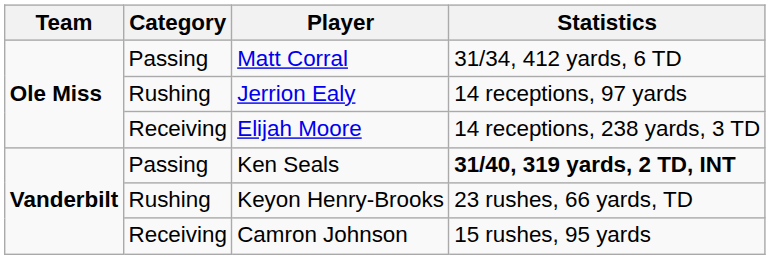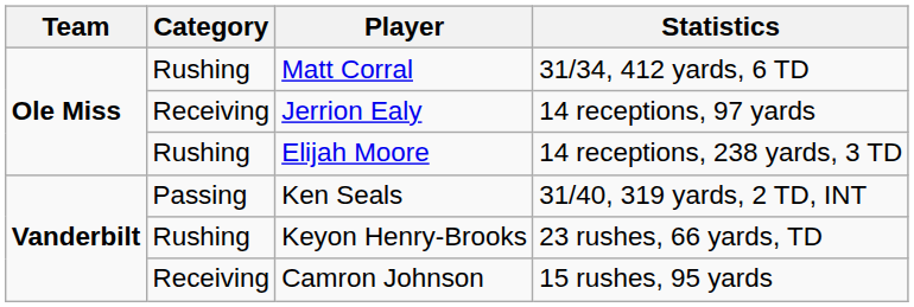 <table class="wikitable" style="float: left;">
 <tr>
 <th>Team</th>
 <th>Category</th>
 <th>Player</th>
 <th>Statistics</th>
 </tr>
 <tr>
 <td rowspan=3><strong>Ole Miss</strong></td>
-<td>Passing</td>
+<td>Rushing</td>
 <td><a href='#'>Matt Corral</a></td>
 <td>31/34, 412 yards, 6 TD</td>
 </tr>
 <tr>
-<td>Rushing</td>
+<td>Receiving</td>
 <td><a href='#'>Jerrion Ealy</a></td>
 <td>14 receptions, 97 yards</td>
 </tr>
 <tr>
-<td>Receiving</td>
+<td>Rushing</td>
 <td><a href='#'>Elijah Moore</a></td>
 <td>14 receptions, 238 yards, 3 TD</td>
 </tr>
 <tr>
 <td rowspan=3><strong>Vanderbilt</strong></td>
 <td>Passing</td>
 <td>Ken Seals</td>
-<td><strong>31/40, 319 yards, 2 TD, INT</strong></td>
+<td>31/40, 319 yards, 2 TD, INT</td>
 </tr>
 <tr>
 <td>Rushing</td>
 <td>Keyon Henry-Brooks</td>
 <td>23 rushes, 66 yards, TD</td>
 </tr>
 <tr>
 <td>Receiving</td>
 <td>Camron Johnson</td>
 <td>15 rushes, 95 yards</td>
 </tr>
 </table>
